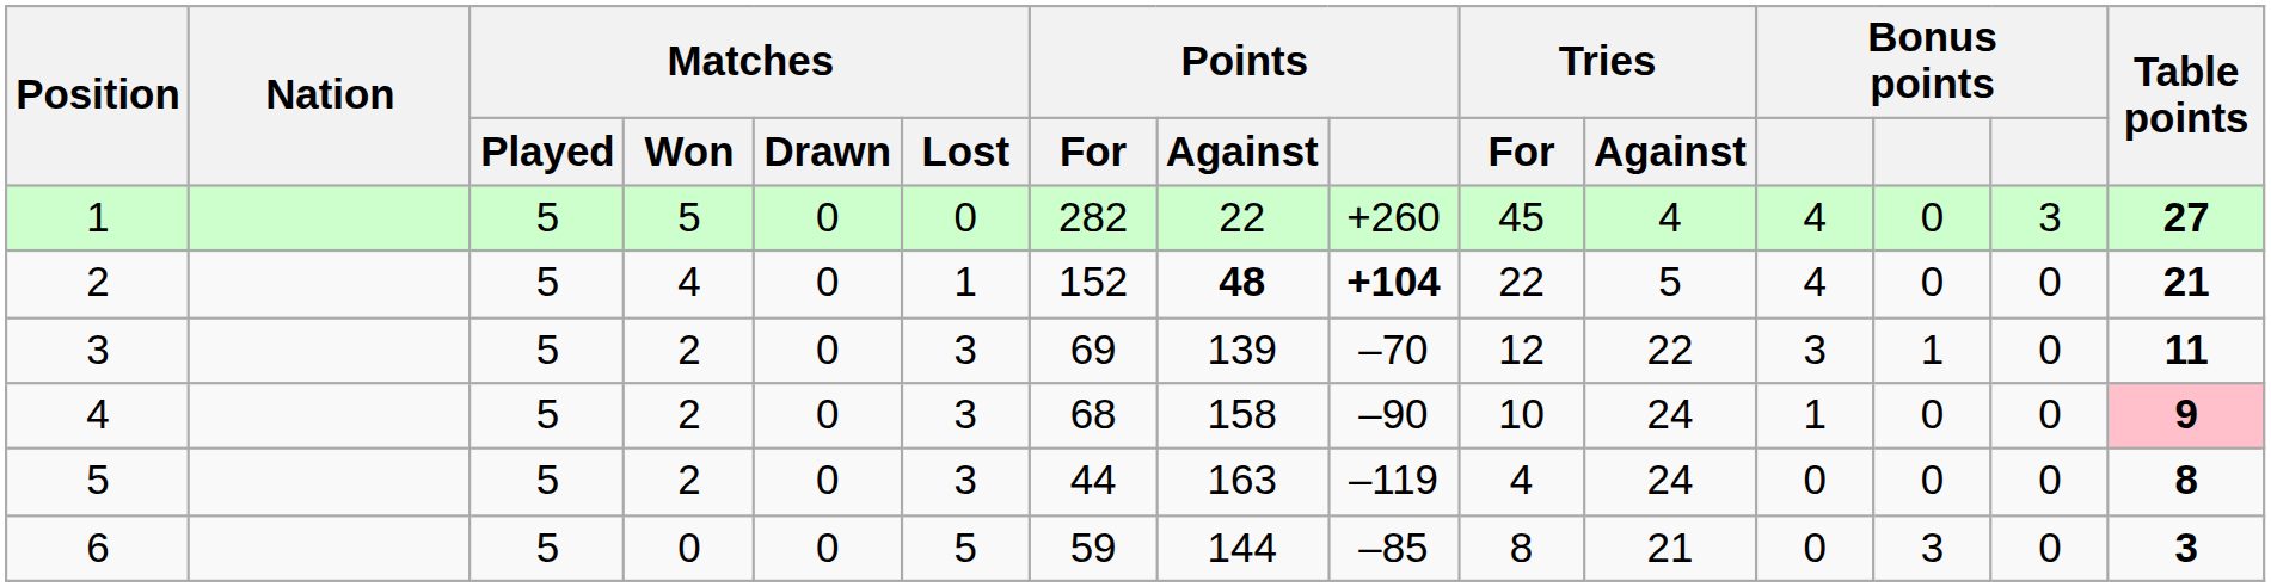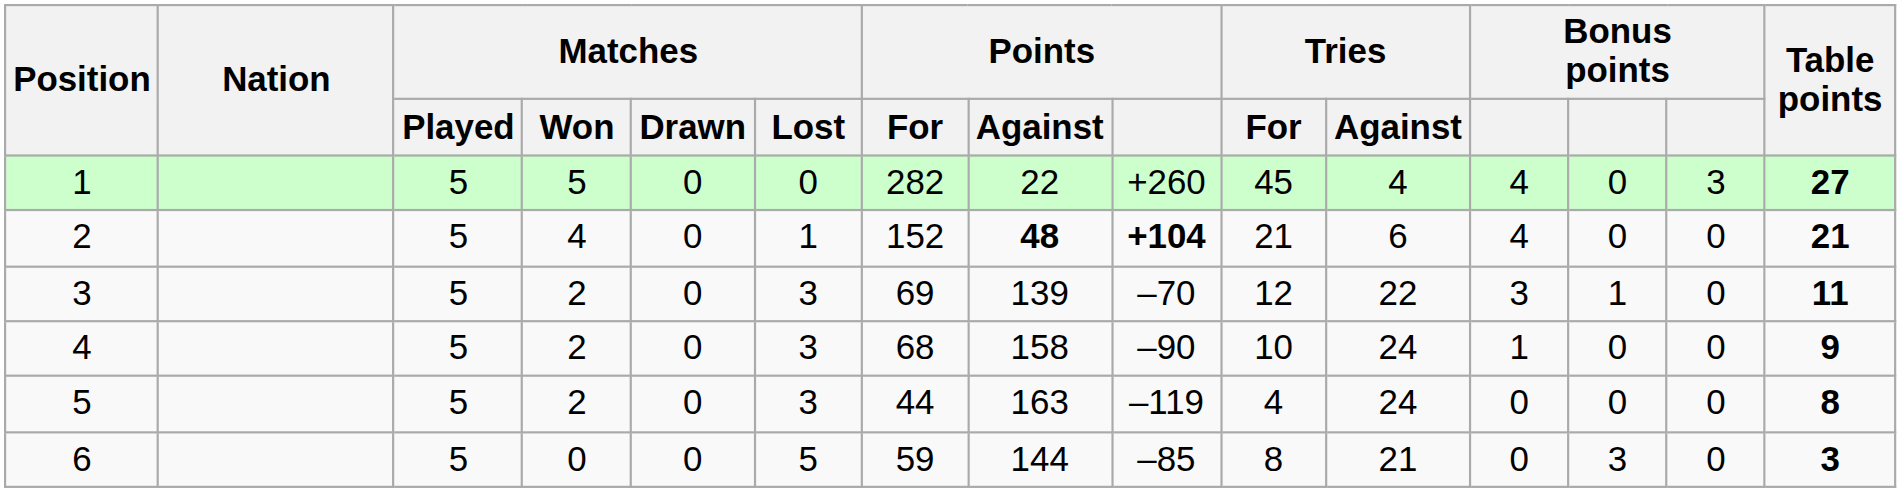 <table class="wikitable" style="text-align:center">
 <tr>
 <th rowspan="2" style="width:7%">Position</th>
 <th rowspan="2" style="width:14%">Nation</th>
 <th colspan="4" style="width:28%">Matches</th>
 <th colspan="3" style="width:20%">Points</th>
 <th colspan="2" style="width:14%">Tries</th>
 <th colspan="3" style="width:20%">Bonus<br>points</th>
 <th rowspan="2" style="width:7%">Table<br>points</th>
 </tr>
 <tr>
 <th style="width:6%">Played</th>
 <th style="width:6%">Won</th>
 <th style="width:6%">Drawn</th>
 <th style="width:6%">Lost</th>
 <th style="width:6%">For</th>
 <th style="width:6%">Against</th>
 <th style="width:6%"></th>
 <th style="width:6%">For</th>
 <th style="width:6%">Against</th>
 <th style="width:6%"></th>
 <th style="width:6%"></th>
 <th style="width:6%"></th>
 </tr>
 <tr bgcolor=#ccffcc>
 <td>1</td>
 <td align="left"></td>
 <td>5</td>
 <td>5</td>
 <td>0</td>
 <td>0</td>
 <td>282</td>
 <td>22</td>
 <td>+260</td>
 <td>45</td>
 <td>4</td>
 <td>4</td>
 <td>0</td>
 <td>3</td>
 <td><strong>27</strong></td>
 </tr>
 <tr>
 <td>2</td>
 <td align="left"></td>
 <td>5</td>
 <td>4</td>
 <td>0</td>
 <td>1</td>
 <td>152</td>
 <td><strong>48</strong></td>
 <td><strong>+104</strong></td>
-<td>22</td>
-<td>5</td>
+<td>21</td>
+<td>6</td>
 <td>4</td>
 <td>0</td>
 <td>0</td>
 <td><strong>21</strong></td>
 </tr>
 <tr>
 <td>3</td>
 <td align="left"></td>
 <td>5</td>
 <td>2</td>
 <td>0</td>
 <td>3</td>
 <td>69</td>
 <td>139</td>
 <td>–70</td>
 <td>12</td>
 <td>22</td>
 <td>3</td>
 <td>1</td>
 <td>0</td>
 <td><strong>11</strong></td>
 </tr>
 <tr>
 <td>4</td>
 <td align="left"></td>
 <td>5</td>
 <td>2</td>
 <td>0</td>
 <td>3</td>
 <td>68</td>
 <td>158</td>
 <td>–90</td>
 <td>10</td>
 <td>24</td>
 <td>1</td>
 <td>0</td>
 <td>0</td>
-<td style="background: pink;"><strong>9</strong></td>
+<td><strong>9</strong></td>
 </tr>
 <tr>
 <td>5</td>
 <td align="left"></td>
 <td>5</td>
 <td>2</td>
 <td>0</td>
 <td>3</td>
 <td>44</td>
 <td>163</td>
 <td>–119</td>
 <td>4</td>
 <td>24</td>
 <td>0</td>
 <td>0</td>
 <td>0</td>
 <td><strong>8</strong></td>
 </tr>
 <tr>
 <td>6</td>
 <td align="left"></td>
 <td>5</td>
 <td>0</td>
 <td>0</td>
 <td>5</td>
 <td>59</td>
 <td>144</td>
 <td>–85</td>
 <td>8</td>
 <td>21</td>
 <td>0</td>
 <td>3</td>
 <td>0</td>
 <td><strong>3</strong></td>
 </tr>
 </table>
